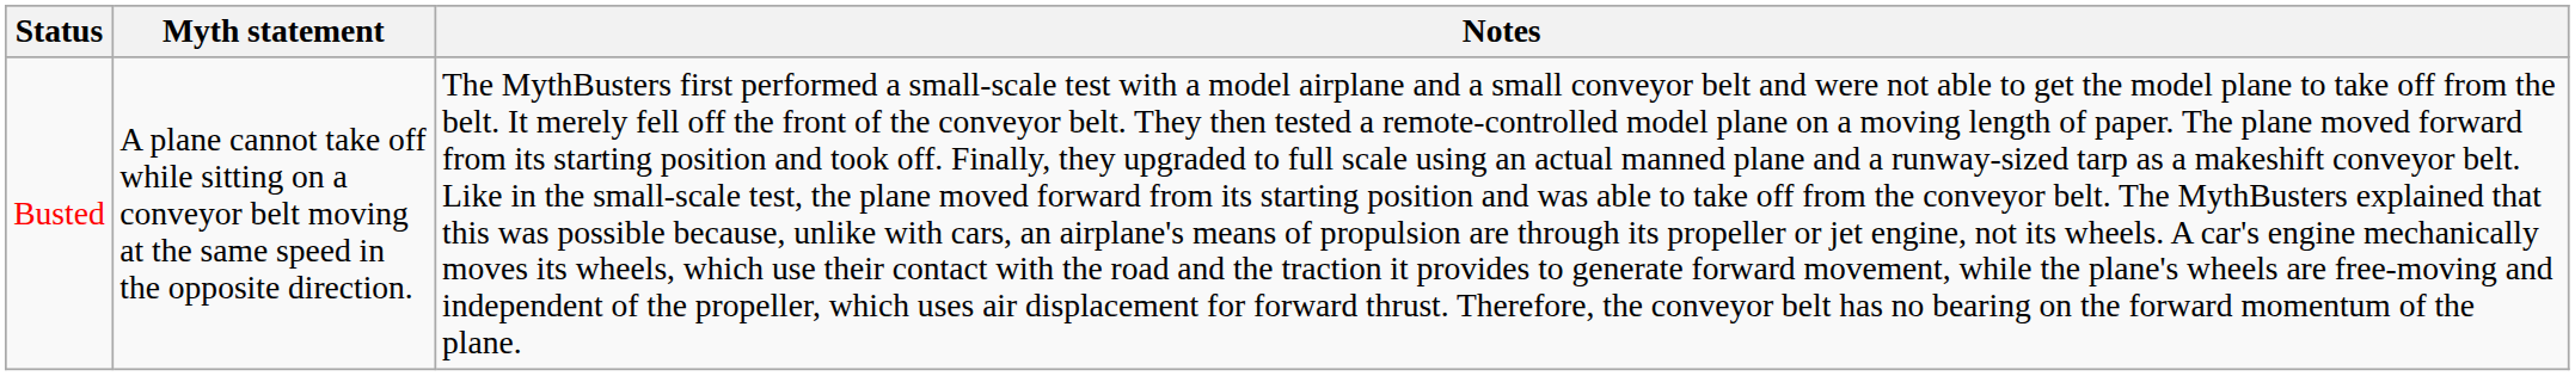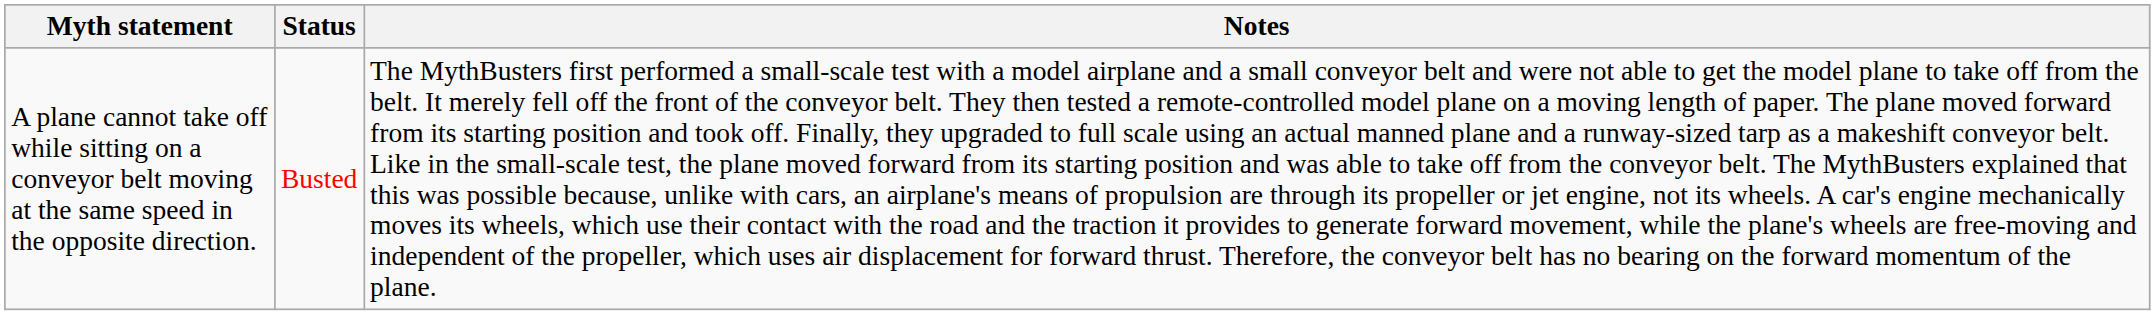 <table class="wikitable plainrowheaders">
 <tr>
+<th>Myth statement</th>
 <th>Status</th>
-<th>Myth statement</th>
 <th>Notes</th>
 </tr>
 <tr>
+<td>A plane cannot take off while sitting on a conveyor belt moving at the same speed in the opposite direction.</td>
 <td style="color:red">Busted</td>
-<td>A plane cannot take off while sitting on a conveyor belt moving at the same speed in the opposite direction.</td>
 <td>The MythBusters first performed a small-scale test with a model airplane and a small conveyor belt and were not able to get the model plane to take off from the belt. It merely fell off the front of the conveyor belt. They then tested a remote-controlled model plane on a moving length of paper. The plane moved forward from its starting position and took off. Finally, they upgraded to full scale using an actual manned plane and a runway-sized tarp as a makeshift conveyor belt. Like in the small-scale test, the plane moved forward from its starting position and was able to take off from the conveyor belt. The MythBusters explained that this was possible because, unlike with cars, an airplane's means of propulsion are through its propeller or jet engine, not its wheels. A car's engine mechanically moves its wheels, which use their contact with the road and the traction it provides to generate forward movement, while the plane's wheels are free-moving and independent of the propeller, which uses air displacement for forward thrust. Therefore, the conveyor belt has no bearing on the forward momentum of the plane.</td>
 </tr>
 </table>
